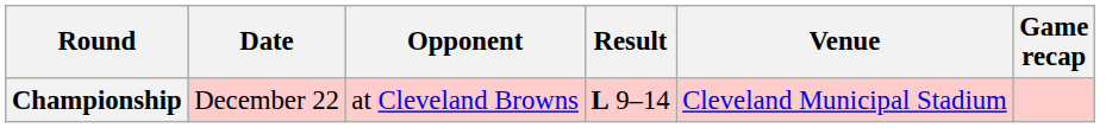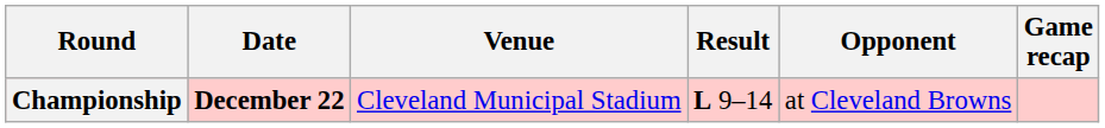 <table class="wikitable" style="text-align:center">
 <tr>
 <th>Round</th>
 <th>Date</th>
+<th>Venue</th>
+<th>Result</th>
 <th>Opponent</th>
-<th>Result</th>
-<th>Venue</th>
 <th>Game<br>recap</th>
 </tr>
 <tr style="background: #fcc;">
 <th>Championship</th>
-<td>December 22</td>
+<td><strong>December 22</strong></td>
+<td><a href='#'>Cleveland Municipal Stadium</a></td>
+<td><strong>L</strong> 9–14</td>
 <td>at <a href='#'>Cleveland Browns</a></td>
-<td><strong>L</strong> 9–14</td>
-<td><a href='#'>Cleveland Municipal Stadium</a></td>
 <td></td>
 </tr>
 </table>
